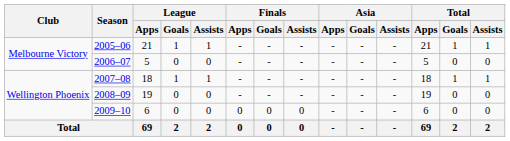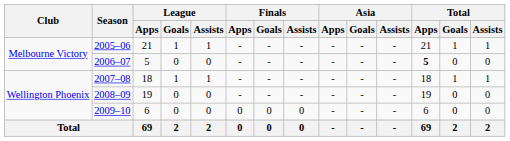 <table class="wikitable" style="text-align: center;">
 <tr>
 <th rowspan="2">Club</th>
 <th rowspan="2">Season</th>
 <th colspan="3">League</th>
 <th colspan="3">Finals</th>
 <th colspan="3">Asia</th>
 <th colspan="3">Total</th>
 </tr>
 <tr>
 <th>Apps</th>
 <th>Goals</th>
 <th>Assists</th>
 <th>Apps</th>
 <th>Goals</th>
 <th>Assists</th>
 <th>Apps</th>
 <th>Goals</th>
 <th>Assists</th>
 <th>Apps</th>
 <th>Goals</th>
 <th>Assists</th>
 </tr>
 <tr>
 <td rowspan="2" valign="center"><a href='#'>Melbourne Victory</a></td>
 <td><a href='#'>2005–06</a></td>
 <td>21</td>
 <td>1</td>
 <td>1</td>
 <td>-</td>
 <td>-</td>
 <td>-</td>
 <td>-</td>
 <td>-</td>
 <td>-</td>
 <td>21</td>
 <td>1</td>
 <td>1</td>
 </tr>
 <tr>
 <td><a href='#'>2006–07</a></td>
 <td>5</td>
 <td>0</td>
 <td>0</td>
 <td>-</td>
 <td>-</td>
 <td>-</td>
 <td>-</td>
 <td>-</td>
 <td>-</td>
-<td>5</td>
+<td><strong>5</strong></td>
 <td>0</td>
 <td>0</td>
 </tr>
 <tr>
 <td rowspan="3" valign="center"><a href='#'>Wellington Phoenix</a></td>
 <td><a href='#'>2007–08</a></td>
 <td>18</td>
 <td>1</td>
 <td>1</td>
 <td>-</td>
 <td>-</td>
 <td>-</td>
 <td>-</td>
 <td>-</td>
 <td>-</td>
 <td>18</td>
 <td>1</td>
 <td>1</td>
 </tr>
 <tr>
 <td><a href='#'>2008–09</a></td>
 <td>19</td>
 <td>0</td>
 <td>0</td>
 <td>-</td>
 <td>-</td>
 <td>-</td>
 <td>-</td>
 <td>-</td>
 <td>-</td>
 <td>19</td>
 <td>0</td>
 <td>0</td>
 </tr>
 <tr>
 <td><a href='#'>2009–10</a></td>
 <td>6</td>
 <td>0</td>
 <td>0</td>
 <td>0</td>
 <td>0</td>
 <td>0</td>
 <td>-</td>
 <td>-</td>
 <td>-</td>
 <td>6</td>
 <td>0</td>
 <td>0</td>
 </tr>
 <tr>
 <th colspan="2">Total</th>
 <th>69</th>
 <th>2</th>
 <th>2</th>
 <th>0</th>
 <th>0</th>
 <th>0</th>
 <th>-</th>
 <th>-</th>
 <th>-</th>
 <th>69</th>
 <th>2</th>
 <th>2</th>
 </tr>
 </table>
